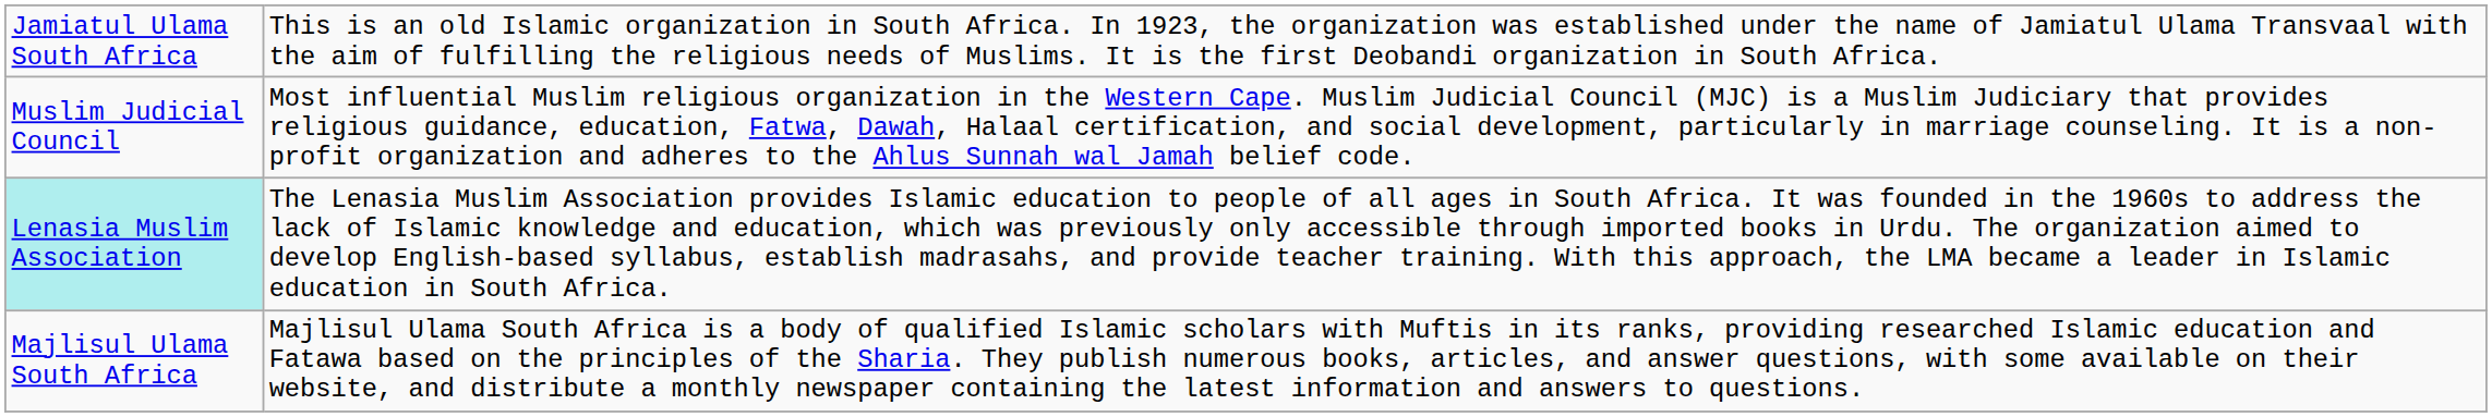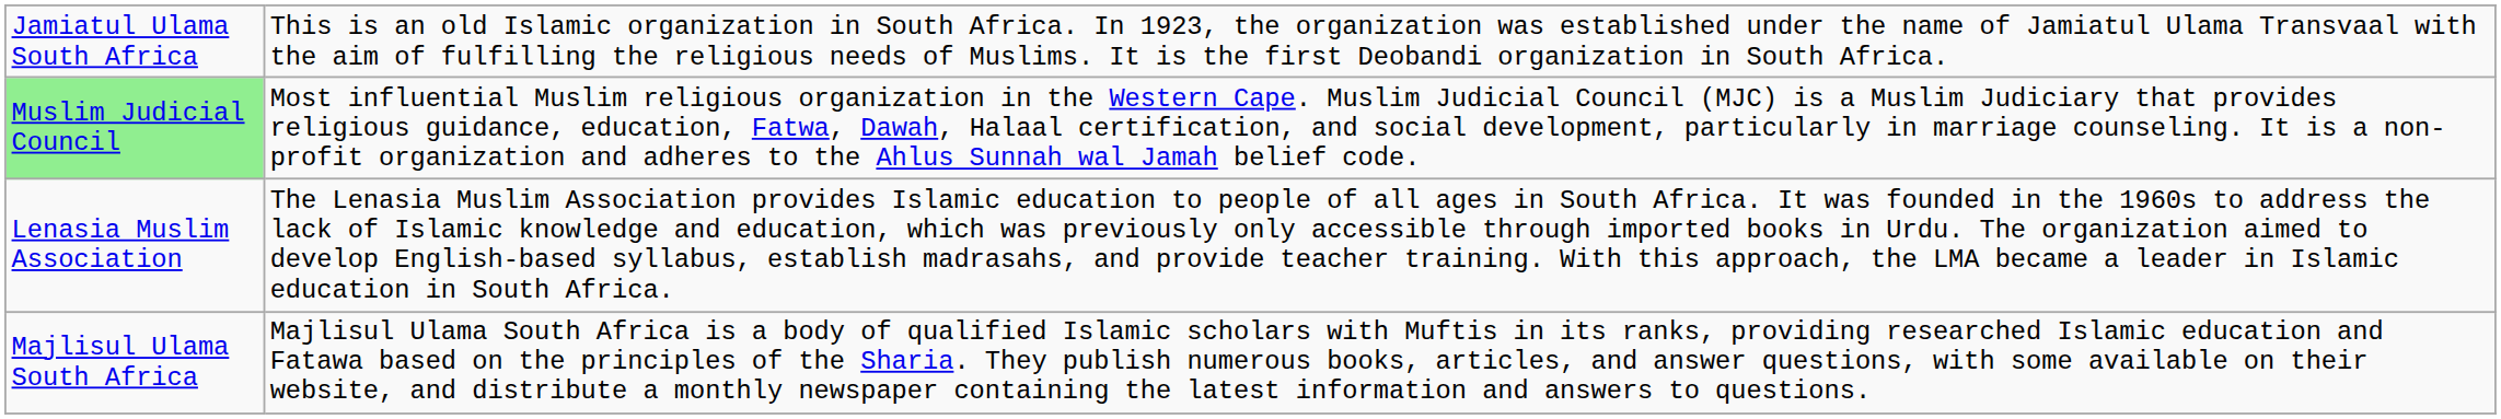 <table class="wikitable">
 <tr>
 <td><a href='#'>Jamiatul Ulama South Africa</a></td>
 <td>This is an old Islamic organization in South Africa. In 1923, the organization was established under the name of Jamiatul Ulama Transvaal with the aim of fulfilling the religious needs of Muslims. It is the first Deobandi organization in South Africa.</td>
 </tr>
 <tr>
-<td><a href='#'>Muslim Judicial Council</a></td>
+<td style="background: lightgreen;"><a href='#'>Muslim Judicial Council</a></td>
 <td>Most influential Muslim religious organization in the <a href='#'>Western Cape</a>. Muslim Judicial Council (MJC) is a Muslim Judiciary that provides religious guidance, education, <a href='#'>Fatwa</a>, <a href='#'>Dawah</a>, Halaal certification, and social development, particularly in marriage counseling. It is a non-profit organization and adheres to the <a href='#'>Ahlus Sunnah wal Jamah</a> belief code.</td>
 </tr>
 <tr>
-<td style="background: paleturquoise;"><a href='#'>Lenasia Muslim Association</a></td>
+<td><a href='#'>Lenasia Muslim Association</a></td>
 <td>The Lenasia Muslim Association provides Islamic education to people of all ages in South Africa. It was founded in the 1960s to address the lack of Islamic knowledge and education, which was previously only accessible through imported books in Urdu. The organization aimed to develop English-based syllabus, establish madrasahs, and provide teacher training. With this approach, the LMA became a leader in Islamic education in South Africa.</td>
 </tr>
 <tr>
 <td><a href='#'>Majlisul Ulama South Africa</a></td>
 <td>Majlisul Ulama South Africa is a body of qualified Islamic scholars with Muftis in its ranks, providing researched Islamic education and Fatawa based on the principles of the <a href='#'>Sharia</a>. They publish numerous books, articles, and answer questions, with some available on their website, and distribute a monthly newspaper containing the latest information and answers to questions.</td>
 </tr>
 </table>
